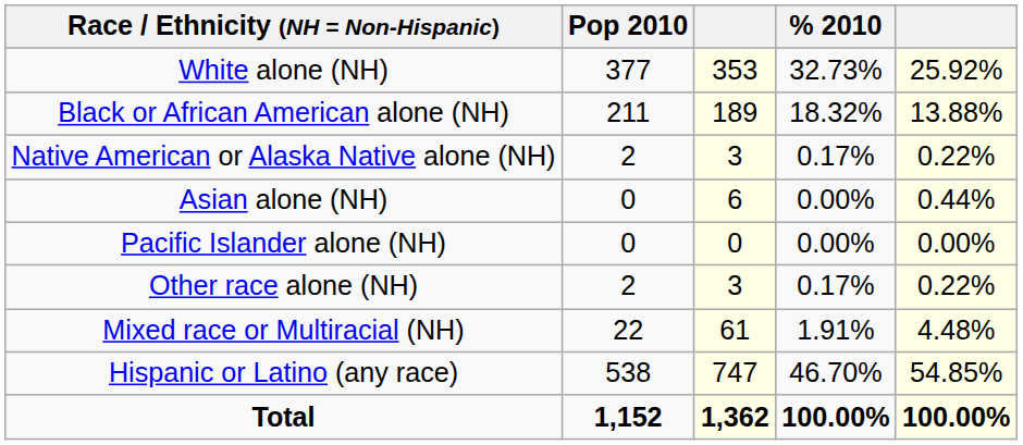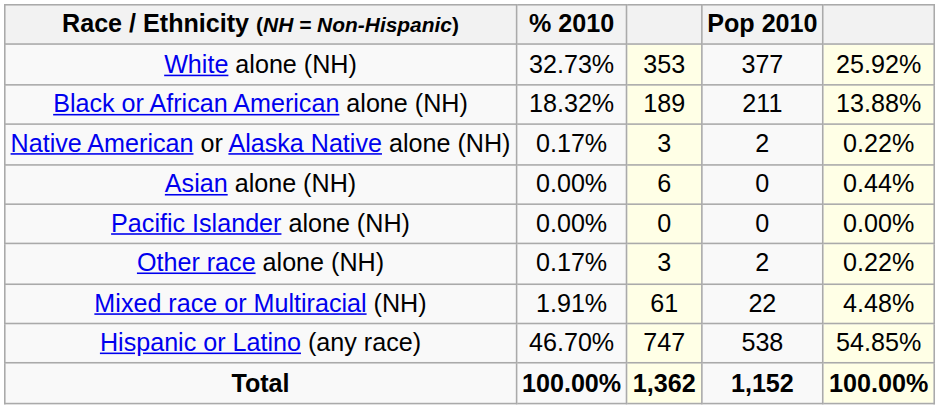 <table class="wikitable" style="text-align:center;">
 <tr>
 <th>Race / Ethnicity <small>(<em>NH = Non-Hispanic</em>)</small></th>
+<th>% 2010</th>
+<th></th>
 <th>Pop 2010</th>
-<th></th>
-<th>% 2010</th>
 <th></th>
 </tr>
 <tr>
 <td><a href='#'>White</a> alone (NH)</td>
+<td>32.73%</td>
+<td style='background: #ffffe6;'>353</td>
 <td>377</td>
-<td style='background: #ffffe6;'>353</td>
-<td>32.73%</td>
 <td style='background: #ffffe6;'>25.92%</td>
 </tr>
 <tr>
 <td><a href='#'>Black or African American</a> alone (NH)</td>
+<td>18.32%</td>
+<td style='background: #ffffe6;'>189</td>
 <td>211</td>
-<td style='background: #ffffe6;'>189</td>
-<td>18.32%</td>
 <td style='background: #ffffe6;'>13.88%</td>
 </tr>
 <tr>
 <td><a href='#'>Native American</a> or <a href='#'>Alaska Native</a> alone (NH)</td>
+<td>0.17%</td>
+<td style='background: #ffffe6;'>3</td>
 <td>2</td>
-<td style='background: #ffffe6;'>3</td>
-<td>0.17%</td>
 <td style='background: #ffffe6;'>0.22%</td>
 </tr>
 <tr>
 <td><a href='#'>Asian</a> alone (NH)</td>
+<td>0.00%</td>
+<td style='background: #ffffe6;'>6</td>
 <td>0</td>
-<td style='background: #ffffe6;'>6</td>
-<td>0.00%</td>
 <td style='background: #ffffe6;'>0.44%</td>
 </tr>
 <tr>
 <td><a href='#'>Pacific Islander</a> alone (NH)</td>
+<td>0.00%</td>
+<td style='background: #ffffe6;'>0</td>
 <td>0</td>
-<td style='background: #ffffe6;'>0</td>
-<td>0.00%</td>
 <td style='background: #ffffe6;'>0.00%</td>
 </tr>
 <tr>
 <td><a href='#'>Other race</a> alone (NH)</td>
+<td>0.17%</td>
+<td style='background: #ffffe6;'>3</td>
 <td>2</td>
-<td style='background: #ffffe6;'>3</td>
-<td>0.17%</td>
 <td style='background: #ffffe6;'>0.22%</td>
 </tr>
 <tr>
 <td><a href='#'>Mixed race or Multiracial</a> (NH)</td>
+<td>1.91%</td>
+<td style='background: #ffffe6;'>61</td>
 <td>22</td>
-<td style='background: #ffffe6;'>61</td>
-<td>1.91%</td>
 <td style='background: #ffffe6;'>4.48%</td>
 </tr>
 <tr>
 <td><a href='#'>Hispanic or Latino</a> (any race)</td>
+<td>46.70%</td>
+<td style='background: #ffffe6;'>747</td>
 <td>538</td>
-<td style='background: #ffffe6;'>747</td>
-<td>46.70%</td>
 <td style='background: #ffffe6;'>54.85%</td>
 </tr>
 <tr>
 <td><strong>Total</strong></td>
+<td><strong>100.00%</strong></td>
+<td style='background: #ffffe6;'><strong>1,362</strong></td>
 <td><strong>1,152</strong></td>
-<td style='background: #ffffe6;'><strong>1,362</strong></td>
-<td><strong>100.00%</strong></td>
 <td style='background: #ffffe6;'><strong>100.00%</strong></td>
 </tr>
 </table>
